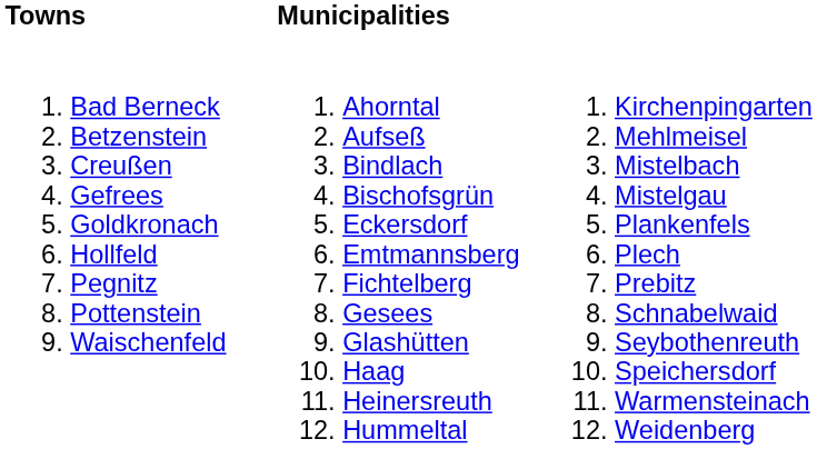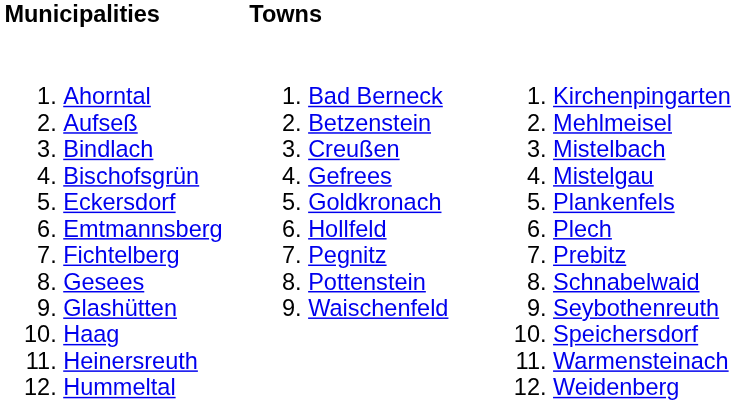 <table>
 <tr>
+<th align=left width=33%>Municipalities</th>
 <th align=left width=33%>Towns</th>
-<th align=left width=33%>Municipalities</th>
 <th align=left width=33%></th>
 </tr>
 <tr valign=top>
+<td><br><ol><li><a href='#'>Ahorntal</a></li><li><a href='#'>Aufseß</a></li><li><a href='#'>Bindlach</a></li><li><a href='#'>Bischofsgrün</a></li><li><a href='#'>Eckersdorf</a></li><li><a href='#'>Emtmannsberg</a></li><li><a href='#'>Fichtelberg</a></li><li><a href='#'>Gesees</a></li><li><a href='#'>Glashütten</a></li><li><a href='#'>Haag</a></li><li><a href='#'>Heinersreuth</a></li><li><a href='#'>Hummeltal</a></li></ol></td>
 <td><br><ol><li><a href='#'>Bad Berneck</a></li><li><a href='#'>Betzenstein</a></li><li><a href='#'>Creußen</a></li><li><a href='#'>Gefrees</a></li><li><a href='#'>Goldkronach</a></li><li><a href='#'>Hollfeld</a></li><li><a href='#'>Pegnitz</a></li><li><a href='#'>Pottenstein</a></li><li><a href='#'>Waischenfeld</a></li></ol></td>
-<td><br><ol><li><a href='#'>Ahorntal</a></li><li><a href='#'>Aufseß</a></li><li><a href='#'>Bindlach</a></li><li><a href='#'>Bischofsgrün</a></li><li><a href='#'>Eckersdorf</a></li><li><a href='#'>Emtmannsberg</a></li><li><a href='#'>Fichtelberg</a></li><li><a href='#'>Gesees</a></li><li><a href='#'>Glashütten</a></li><li><a href='#'>Haag</a></li><li><a href='#'>Heinersreuth</a></li><li><a href='#'>Hummeltal</a></li></ol></td>
 <td><br><ol> <li> <a href='#'>Kirchenpingarten</a> <li> <a href='#'>Mehlmeisel</a> <li> <a href='#'>Mistelbach</a> <li> <a href='#'>Mistelgau</a> <li> <a href='#'>Plankenfels</a> <li> <a href='#'>Plech</a> <li> <a href='#'>Prebitz</a> <li> <a href='#'>Schnabelwaid</a> <li> <a href='#'>Seybothenreuth</a> <li> <a href='#'>Speichersdorf</a> <li> <a href='#'>Warmensteinach</a> <li> <a href='#'>Weidenberg</a> </ol></td>
 </tr>
 </table>
